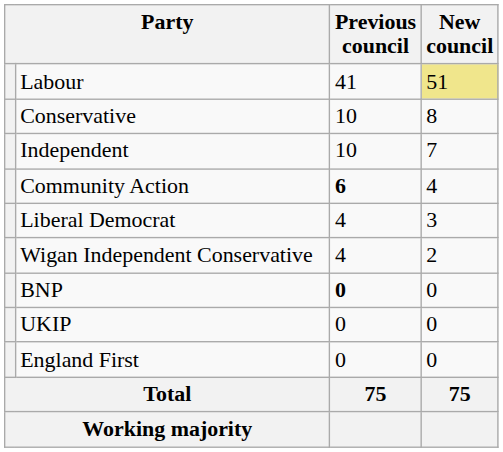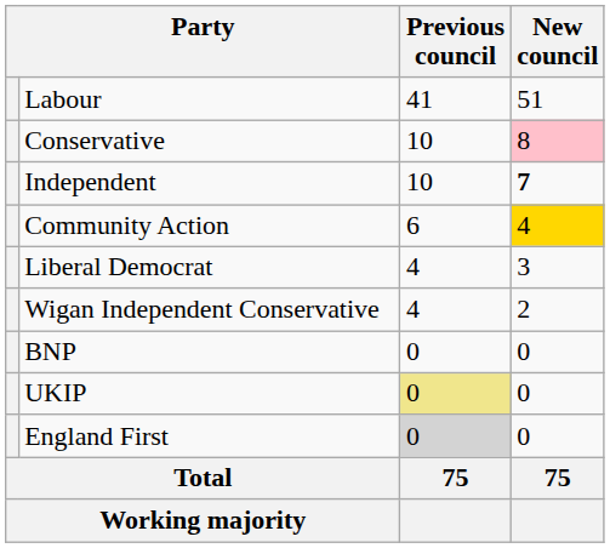 <table class="wikitable">
 <tr>
 <th valign=top colspan="2" style="width: 230px">Party</th>
 <th valign=top style="width: 30px">Previous council</th>
 <th valign=top style="width: 30px">New council</th>
 </tr>
 <tr>
 <th style="background-color: "></th>
 <td>Labour</td>
 <td>41</td>
-<td style="background: khaki;">51</td>
+<td>51</td>
 </tr>
 <tr>
 <th style="background-color: "></th>
 <td>Conservative</td>
 <td>10</td>
-<td>8</td>
+<td style="background: pink;">8</td>
 </tr>
 <tr>
 <th style="background-color: "></th>
 <td>Independent</td>
 <td>10</td>
-<td>7</td>
+<td><strong>7</strong></td>
 </tr>
 <tr>
 <th style="background-color: "></th>
 <td>Community Action</td>
-<td><strong>6</strong></td>
-<td>4</td>
+<td>6</td>
+<td style="background: gold;">4</td>
 </tr>
 <tr>
 <th style="background-color: "></th>
 <td>Liberal Democrat</td>
 <td>4</td>
 <td>3</td>
 </tr>
 <tr>
 <th style="background-color: "></th>
 <td>Wigan Independent Conservative</td>
 <td>4</td>
 <td>2</td>
 </tr>
 <tr>
 <th style="background-color: "></th>
 <td>BNP</td>
-<td><strong>0</strong></td>
+<td>0</td>
 <td>0</td>
 </tr>
 <tr>
 <th style="background-color: "></th>
 <td>UKIP</td>
-<td>0</td>
+<td style="background: khaki;">0</td>
 <td>0</td>
 </tr>
 <tr>
 <th style="background-color: "></th>
 <td>England First</td>
-<td>0</td>
+<td style="background: lightgrey;">0</td>
 <td>0</td>
 </tr>
 <tr>
 <th colspan=2>Total</th>
 <th style="text-align: center">75</th>
 <th colspan=3>75</th>
 </tr>
 <tr>
 <th colspan=2>Working majority</th>
 <th></th>
 <th></th>
 </tr>
 </table>
